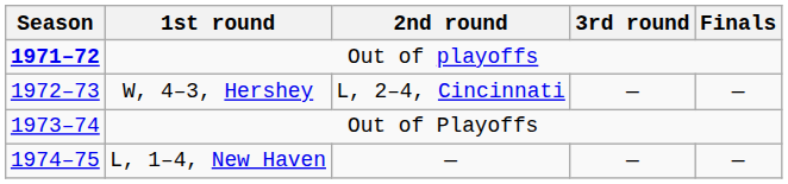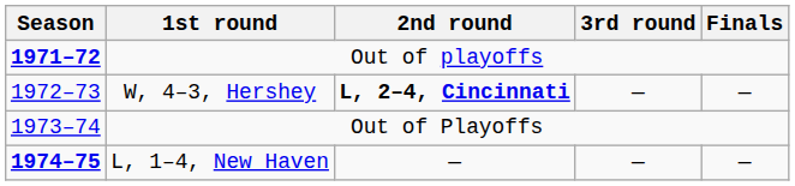 <table class="wikitable" style="text-align:center">
 <tr>
 <th>Season</th>
 <th>1st round</th>
 <th>2nd round</th>
 <th>3rd round</th>
 <th>Finals</th>
 </tr>
 <tr>
 <td><strong><a href='#'>1971–72</a></strong></td>
 <td colspan="5">Out of <a href='#'>playoffs</a></td>
 </tr>
 <tr>
 <td><a href='#'>1972–73</a></td>
 <td>W, 4–3, <a href='#'>Hershey</a></td>
-<td>L, 2–4, <a href='#'>Cincinnati</a></td>
+<td><strong>L, 2–4, <a href='#'>Cincinnati</a></strong></td>
 <td>—</td>
 <td>—</td>
 </tr>
 <tr>
 <td><a href='#'>1973–74</a></td>
 <td colspan="5">Out of Playoffs</td>
 </tr>
 <tr>
-<td><a href='#'>1974–75</a></td>
+<td><strong><a href='#'>1974–75</a></strong></td>
 <td>L, 1–4, <a href='#'>New Haven</a></td>
 <td>—</td>
 <td>—</td>
 <td>—</td>
 </tr>
 </table>
